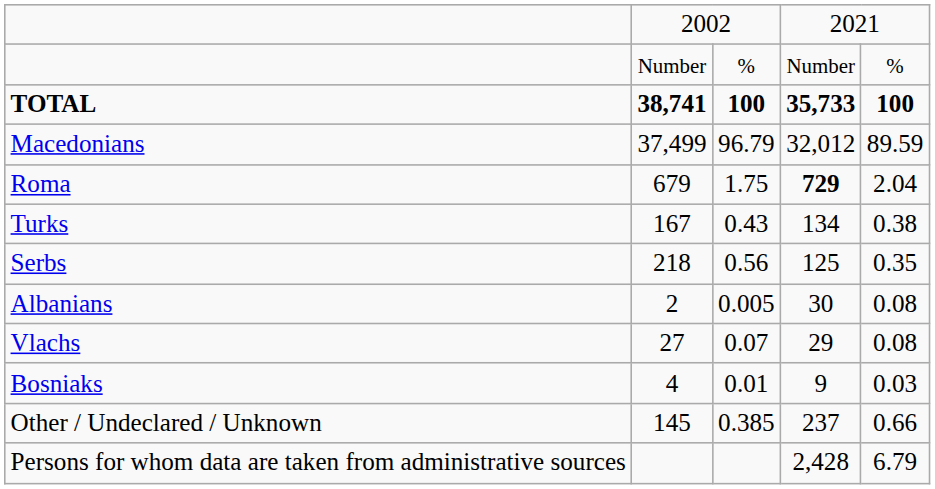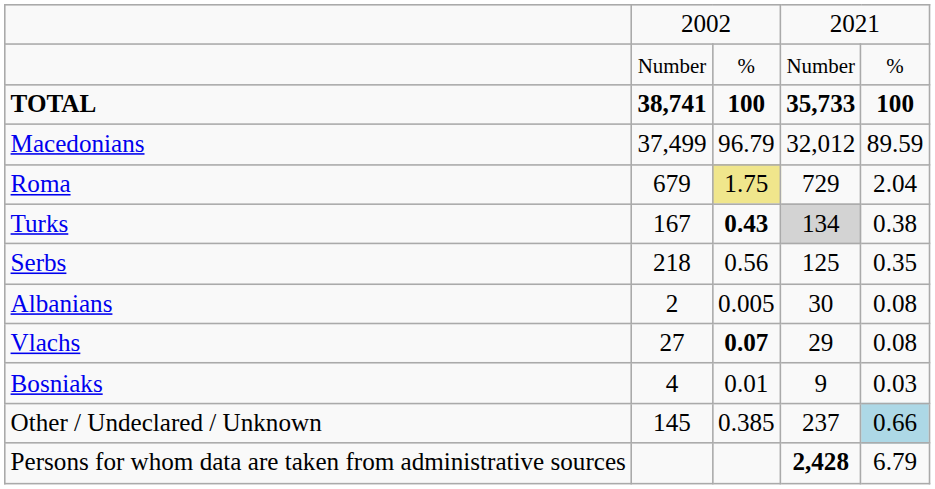 <table class="wikitable">
 <tr>
 <td></td>
 <td colspan="2" align="center">2002</td>
 <td colspan="2" align="center">2021</td>
 </tr>
 <tr>
 <td></td>
 <td align="center"><small>Number</small></td>
 <td align="center"><small>%</small></td>
 <td align="center"><small>Number</small></td>
 <td align="center"><small>%</small></td>
 </tr>
 <tr>
 <td><strong>TOTAL</strong></td>
 <td align="center"><strong>38,741</strong></td>
 <td align="center"><strong>100</strong></td>
 <td align="center"><strong>35,733</strong></td>
 <td align="center"><strong>100</strong></td>
 </tr>
 <tr>
 <td><a href='#'>Macedonians</a></td>
 <td align="center">37,499</td>
 <td align="center">96.79</td>
 <td align="center">32,012</td>
 <td align="center">89.59</td>
 </tr>
 <tr>
 <td><a href='#'>Roma</a></td>
 <td align="center">679</td>
-<td align="center">1.75</td>
-<td align="center"><strong>729</strong></td>
+<td align="center" style="background: khaki;">1.75</td>
+<td align="center">729</td>
 <td align="center">2.04</td>
 </tr>
 <tr>
 <td><a href='#'>Turks</a></td>
 <td align="center">167</td>
-<td align="center">0.43</td>
-<td align="center">134</td>
+<td align="center"><strong>0.43</strong></td>
+<td align="center" style="background: lightgrey;">134</td>
 <td align="center">0.38</td>
 </tr>
 <tr>
 <td><a href='#'>Serbs</a></td>
 <td align="center">218</td>
 <td align="center">0.56</td>
 <td align="center">125</td>
 <td align="center">0.35</td>
 </tr>
 <tr>
 <td><a href='#'>Albanians</a></td>
 <td align="center">2</td>
 <td align="center">0.005</td>
 <td align="center">30</td>
 <td align="center">0.08</td>
 </tr>
 <tr>
 <td><a href='#'>Vlachs</a></td>
 <td align="center">27</td>
-<td align="center">0.07</td>
+<td align="center"><strong>0.07</strong></td>
 <td align="center">29</td>
 <td align="center">0.08</td>
 </tr>
 <tr>
 <td><a href='#'>Bosniaks</a></td>
 <td align="center">4</td>
 <td align="center">0.01</td>
 <td align="center">9</td>
 <td align="center">0.03</td>
 </tr>
 <tr>
 <td>Other / Undeclared / Unknown</td>
 <td align="center">145</td>
 <td align="center">0.385</td>
 <td align="center">237</td>
-<td align="center">0.66</td>
+<td align="center" style="background: lightblue;">0.66</td>
 </tr>
 <tr>
 <td>Persons for whom data are taken from administrative sources</td>
 <td align="center"></td>
 <td align="center"></td>
-<td align="center">2,428</td>
+<td align="center"><strong>2,428</strong></td>
 <td align="center">6.79</td>
 </tr>
 </table>
